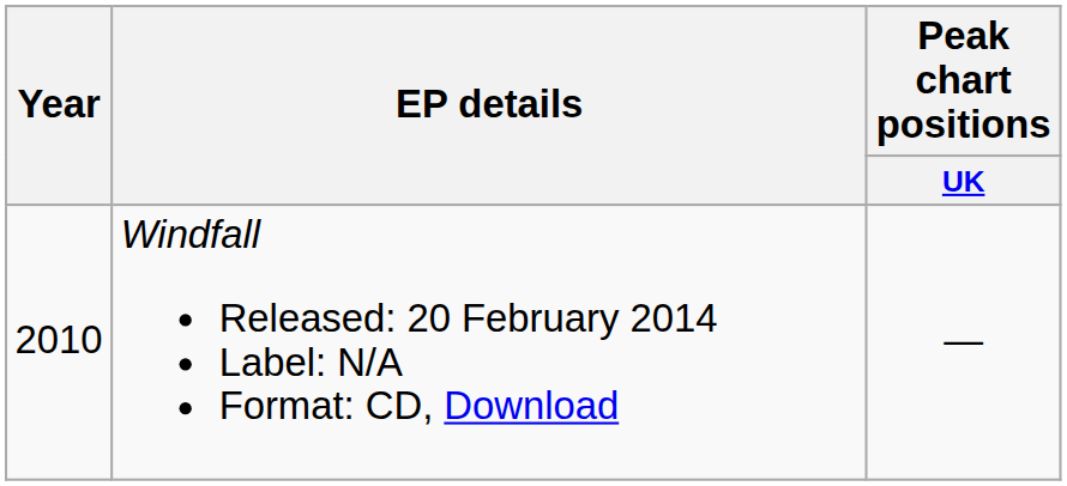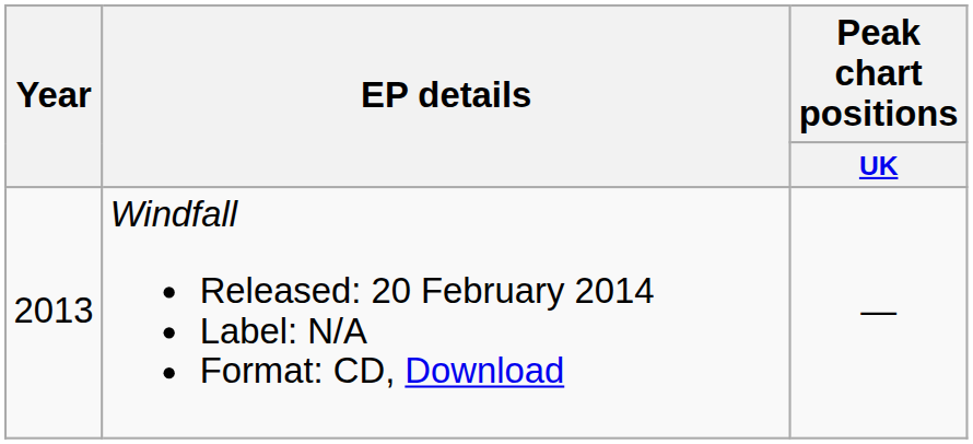 <table class="wikitable" border="1">
 <tr>
 <th rowspan="2">Year</th>
 <th rowspan="2" width="300">EP details</th>
 <th>Peak chart positions</th>
 </tr>
 <tr>
 <th style="width:3em;font-size:75%;"><a href='#'>UK</a><br></th>
 </tr>
 <tr>
-<td>2010</td>
+<td>2013</td>
 <td><em>Windfall</em><br><ul><li>Released: 20 February 2014  </li><li>Label: N/A</li><li>Format: CD, <a href='#'>Download</a></li></ul></td>
 <td align="center">—</td>
 </tr>
 </table>
